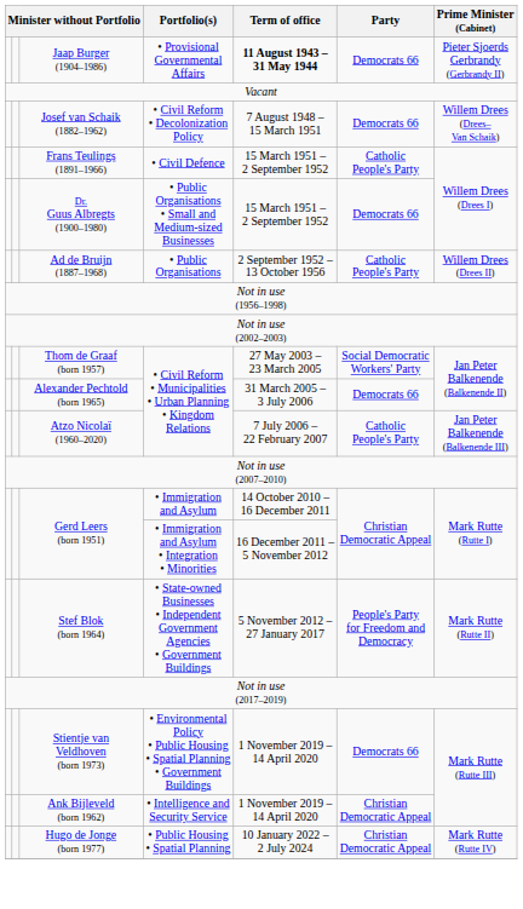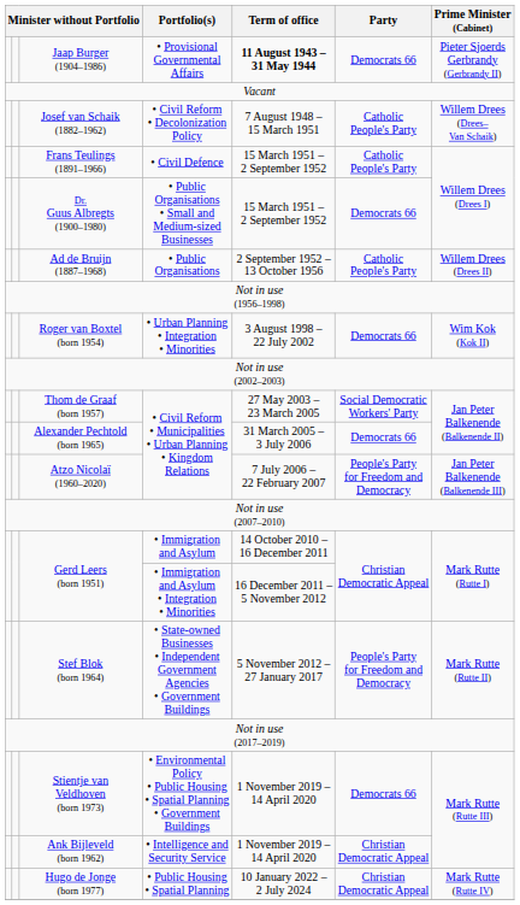 <table class="wikitable" style="text-align:center">
 <tr>
 <th colspan=3>Minister without Portfolio</th>
 <th>Portfolio(s)</th>
 <th>Term of office</th>
 <th>Party</th>
 <th>Prime Minister <br> <small>(Cabinet)</small></th>
 </tr>
 <tr>
 <td style="background:"></td>
 <td></td>
 <td><a href='#'>Jaap Burger</a> <br> <small>(1904–1986)</small></td>
 <td>• <a href='#'>Provisional <br> Governmental <br> Affairs</a></td>
 <td><strong>11 August 1943 – <br> 31 May 1944 <br> </strong></td>
 <td><a href='#'>Democrats 66</a></td>
 <td><a href='#'>Pieter Sjoerds <br> Gerbrandy</a> <br> <small>(<a href='#'>Gerbrandy II</a>)</small> <br></td>
 </tr>
 <tr>
 <td colspan=7><em>Vacant</em></td>
 </tr>
 <tr>
 <td style="background:"></td>
 <td></td>
 <td><a href='#'>Josef van Schaik</a> <br> <small>(1882–1962)</small> <br> <small></small></td>
 <td>• <a href='#'>Civil Reform</a> <br> • <a href='#'>Decolonization <br> Policy</a></td>
 <td>7 August 1948 – <br> 15 March 1951</td>
-<td><a href='#'>Democrats 66</a></td>
+<td><a href='#'>Catholic <br> People's Party</a></td>
 <td><a href='#'>Willem Drees</a> <br> <small>(<a href='#'>Drees–<br>Van Schaik</a>)</small> <br></td>
 </tr>
 <tr>
 <td style="background:"></td>
 <td></td>
 <td><a href='#'>Frans Teulings</a> <br> <small>(1891–1966)</small> <br> <small></small></td>
 <td>• <a href='#'>Civil Defence</a></td>
 <td>15 March 1951 – <br> 2 September 1952</td>
 <td><a href='#'>Catholic <br> People's Party</a></td>
 <td rowspan=2><a href='#'>Willem Drees</a> <br> <small>(<a href='#'>Drees I</a>)</small> <br></td>
 </tr>
 <tr>
 <td style="background:"></td>
 <td></td>
 <td><small><a href='#'>Dr.</a></small> <br> <a href='#'>Guus Albregts</a> <br> <small>(1900–1980)</small></td>
 <td>• <a href='#'>Public <br> Organisations</a> <br> • <a href='#'>Small and <br> Medium-sized <br> Businesses</a></td>
 <td>15 March 1951 – <br> 2 September 1952</td>
 <td><a href='#'>Democrats 66</a></td>
 </tr>
 <tr>
 <td style="background:"></td>
 <td></td>
 <td><a href='#'>Ad de Bruijn</a> <br> <small>(1887–1968)</small></td>
 <td>• <a href='#'>Public <br> Organisations</a></td>
 <td>2 September 1952 – <br> 13 October 1956</td>
 <td><a href='#'>Catholic <br> People's Party</a></td>
 <td><a href='#'>Willem Drees</a> <br> <small>(<a href='#'>Drees II</a>)</small> <br></td>
 </tr>
 <tr>
 <td colspan=7><em>Not in use</em> <br> <small>(1956–1998)</small></td>
 </tr>
 <tr>
+<td style="background:"></td>
+<td></td>
+<td><a href='#'>Roger van Boxtel</a> <br> <small>(born 1954)</small></td>
+<td>• <a href='#'>Urban Planning</a> <br> • <a href='#'>Integration</a> <br> • <a href='#'>Minorities</a></td>
+<td>3 August 1998 – <br> 22 July 2002</td>
+<td><a href='#'>Democrats 66</a></td>
+<td><a href='#'>Wim Kok</a> <br> <small>(<a href='#'>Kok II</a>)</small> <br></td>
+</tr>
+<tr>
 <td colspan=7><em>Not in use</em> <br> <small>(2002–2003)</small></td>
 </tr>
 <tr>
 <td style="background:"></td>
 <td></td>
 <td><a href='#'>Thom de Graaf</a> <br> <small>(born 1957)</small> <br> <small></small></td>
 <td rowspan=3>• <a href='#'>Civil Reform</a> <br> • <a href='#'>Municipalities</a> <br> • <a href='#'>Urban Planning</a> <br> • <a href='#'>Kingdom <br> Relations</a></td>
 <td>27 May 2003 – <br> 23 March 2005 <br> </td>
 <td><a href='#'>Social Democratic <br> Workers' Party</a></td>
 <td rowspan=2><a href='#'>Jan Peter <br> Balkenende</a> <br> <small>(<a href='#'>Balkenende II</a>)</small> <br></td>
 </tr>
 <tr>
 <td style="background:"></td>
 <td></td>
 <td><a href='#'>Alexander Pechtold</a> <br> <small>(born 1965)</small></td>
 <td>31 March 2005 – <br> 3 July 2006 <br> </td>
 <td><a href='#'>Democrats 66</a></td>
 </tr>
 <tr>
 <td style="background:"></td>
 <td></td>
 <td><a href='#'>Atzo Nicolaï</a> <br> <small>(1960–2020)</small></td>
 <td>7 July 2006 – <br> 22 February 2007</td>
-<td><a href='#'>Catholic <br> People's Party</a></td>
+<td><a href='#'>People's Party <br> for Freedom and <br> Democracy</a></td>
 <td><a href='#'>Jan Peter <br> Balkenende</a> <br> <small>(<a href='#'>Balkenende III</a>)</small> <br></td>
 </tr>
 <tr>
 <td colspan=7><em>Not in use</em> <br> <small>(2007–2010)</small></td>
 </tr>
 <tr>
 <td rowspan=2 style="background:"></td>
 <td rowspan=2></td>
 <td rowspan=2><a href='#'>Gerd Leers</a> <br> <small>(born 1951)</small></td>
 <td>• <a href='#'>Immigration <br> and Asylum</a></td>
 <td>14 October 2010 – <br> 16 December 2011</td>
 <td rowspan=2><a href='#'>Christian <br> Democratic Appeal</a></td>
 <td rowspan=2><a href='#'>Mark Rutte</a> <br> <small>(<a href='#'>Rutte I</a>)</small> <br></td>
 </tr>
 <tr>
 <td>• <a href='#'>Immigration <br> and Asylum</a> <br> • <a href='#'>Integration</a> <br> • <a href='#'>Minorities</a></td>
 <td>16 December 2011 – <br> 5 November 2012</td>
 </tr>
 <tr>
 <td style="background:"></td>
 <td></td>
 <td><a href='#'>Stef Blok</a> <br> <small>(born 1964)</small></td>
 <td>• <a href='#'>State-owned <br> Businesses</a> <br> • <a href='#'>Independent <br> Government <br> Agencies</a> <br> • <a href='#'>Government <br> Buildings</a></td>
 <td>5 November 2012 – <br> 27 January 2017 <br> </td>
 <td><a href='#'>People's Party <br> for Freedom and <br> Democracy</a></td>
 <td><a href='#'>Mark Rutte</a> <br> <small>(<a href='#'>Rutte II</a>)</small> <br></td>
 </tr>
 <tr>
 <td colspan=7><em>Not in use</em> <br> <small>(2017–2019)</small></td>
 </tr>
 <tr>
 <td style="background:"></td>
 <td></td>
 <td><a href='#'>Stientje van <br> Veldhoven</a> <br> <small>(born 1973)</small></td>
 <td>• <a href='#'>Environmental <br> Policy</a> <br> • <a href='#'>Public Housing</a> <br> • <a href='#'>Spatial Planning</a> <br> • <a href='#'>Government <br> Buildings</a></td>
 <td>1 November 2019 – <br> 14 April 2020 <br> </td>
 <td><a href='#'>Democrats 66</a></td>
 <td rowspan=2><a href='#'>Mark Rutte</a> <br> <small>(<a href='#'>Rutte III</a>)</small> <br></td>
 </tr>
 <tr>
 <td style="background:"></td>
 <td></td>
 <td><a href='#'>Ank Bijleveld</a> <br> <small>(born 1962)</small></td>
 <td>• <a href='#'>Intelligence and <br> Security Service</a></td>
 <td>1 November 2019 – <br> 14 April 2020 <br> </td>
 <td><a href='#'>Christian <br> Democratic Appeal</a></td>
 </tr>
 <tr>
 <td style="background:"></td>
 <td></td>
 <td><a href='#'>Hugo de Jonge</a> <br> <small>(born 1977)</small></td>
 <td>• <a href='#'>Public Housing</a> <br> • <a href='#'>Spatial Planning</a></td>
 <td>10 January 2022 – <br> 2 July 2024</td>
 <td><a href='#'>Christian <br> Democratic Appeal</a></td>
 <td><a href='#'>Mark Rutte</a> <br> <small>(<a href='#'>Rutte IV</a>)</small> <br></td>
 </tr>
 <tr>
 </tr>
 </table>
